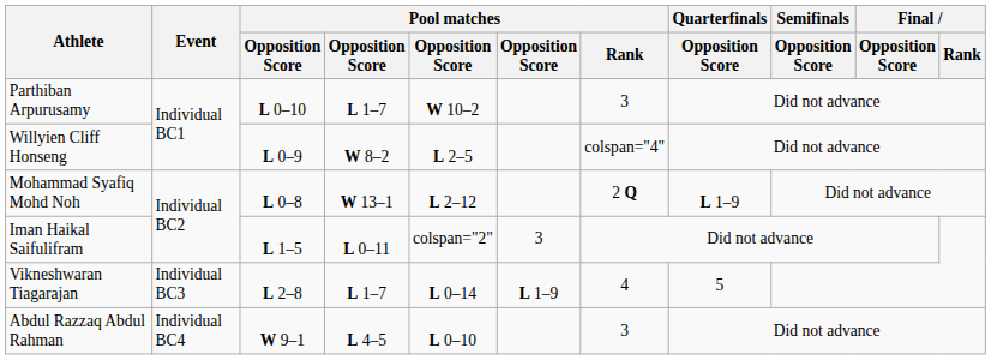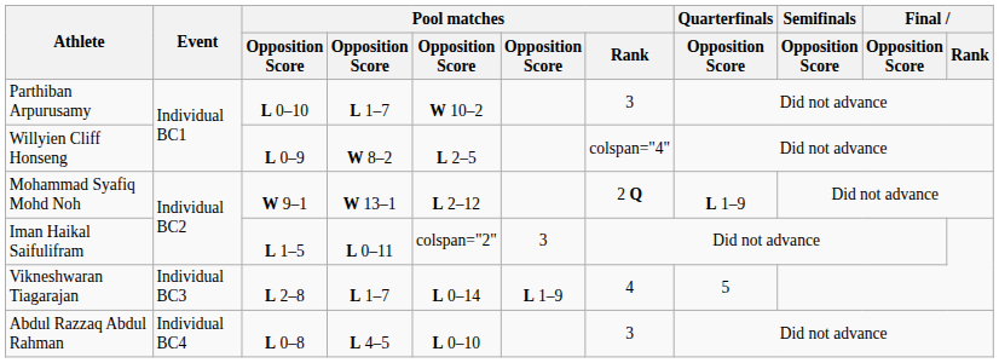 <table class=wikitable style="font-size:90%">
 <tr>
 <th rowspan="2">Athlete</th>
 <th rowspan="2">Event</th>
 <th colspan="5">Pool matches</th>
 <th>Quarterfinals</th>
 <th>Semifinals</th>
 <th colspan=2>Final / </th>
 </tr>
 <tr>
 <th>Opposition<br>Score</th>
 <th>Opposition<br>Score</th>
 <th>Opposition<br>Score</th>
 <th>Opposition<br>Score</th>
 <th>Rank</th>
 <th>Opposition<br>Score</th>
 <th>Opposition<br>Score</th>
 <th>Opposition<br>Score</th>
 <th>Rank</th>
 </tr>
 <tr align=center>
 <td align=left>Parthiban Arpurusamy</td>
 <td align=left rowspan="2">Individual BC1</td>
 <td><br><strong>L</strong> 0–10</td>
 <td><br><strong>L</strong> 1–7</td>
 <td><br><strong>W</strong> 10–2</td>
 <td></td>
 <td>3</td>
 <td colspan="4">Did not advance</td>
 </tr>
 <tr align=center>
 <td align=left>Willyien Cliff Honseng</td>
 <td><br><strong>L</strong> 0–9</td>
 <td><br><strong>W</strong> 8–2</td>
 <td><br><strong>L</strong> 2–5</td>
 <td></td>
 <td>colspan="4" </td>
 <td colspan="4">Did not advance</td>
 </tr>
 <tr align=center>
 <td align=left>Mohammad Syafiq Mohd Noh</td>
 <td align=left rowspan="2">Individual BC2</td>
-<td><br><strong>L</strong> 0–8</td>
+<td><br><strong>W</strong> 9–1</td>
 <td><br><strong>W</strong> 13–1</td>
 <td><br><strong>L</strong> 2–12</td>
 <td></td>
 <td>2 <strong>Q</strong></td>
 <td><br><strong>L</strong> 1–9</td>
 <td colspan="3">Did not advance</td>
 </tr>
 <tr align=center>
 <td align=left>Iman Haikal Saifulifram</td>
 <td><br><strong>L</strong> 1–5</td>
 <td><br><strong>L</strong> 0–11</td>
 <td>colspan="2" </td>
 <td>3</td>
 <td colspan="4">Did not advance</td>
 </tr>
 <tr align=center>
 <td align=left>Vikneshwaran Tiagarajan</td>
 <td align=left>Individual BC3</td>
 <td><br><strong>L</strong> 2–8</td>
 <td><br><strong>L</strong> 1–7</td>
 <td><br><strong>L</strong> 0–14</td>
 <td><br><strong>L</strong> 1–9</td>
 <td>4</td>
 <td>5</td>
 </tr>
 <tr align=center>
 <td align=left>Abdul Razzaq Abdul Rahman</td>
 <td align=left>Individual BC4</td>
-<td><br><strong>W</strong> 9–1</td>
+<td><br><strong>L</strong> 0–8</td>
 <td><br><strong>L</strong> 4–5</td>
 <td><br><strong>L</strong> 0–10</td>
 <td></td>
 <td>3</td>
 <td colspan="4">Did not advance</td>
 </tr>
 </table>
